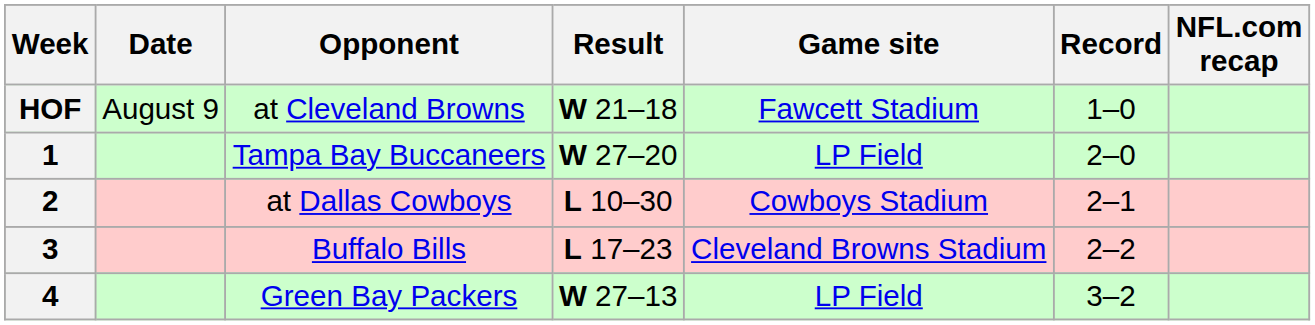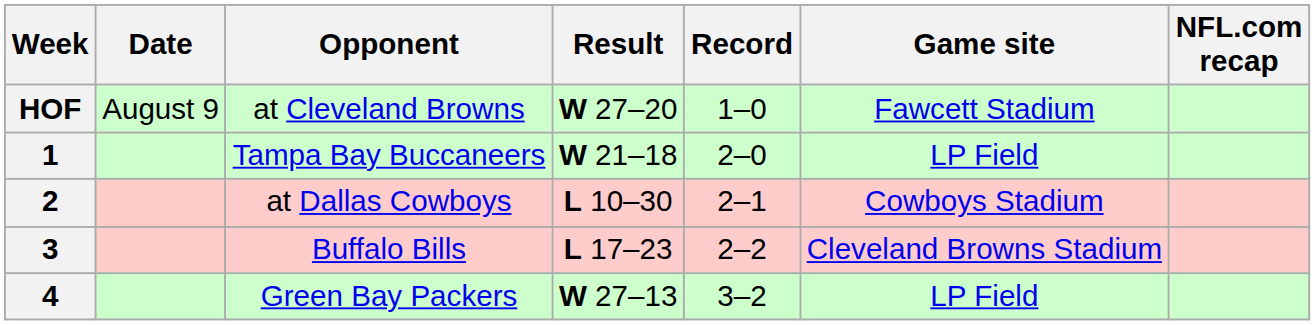 <table class="wikitable" style="text-align:center">
 <tr>
 <th>Week</th>
 <th>Date</th>
 <th>Opponent</th>
 <th>Result</th>
+<th>Record</th>
 <th>Game site</th>
-<th>Record</th>
 <th>NFL.com<br>recap</th>
 </tr>
 <tr style="background:#cfc;">
 <th>HOF</th>
 <td>August 9</td>
 <td>at <a href='#'>Cleveland Browns</a></td>
-<td><strong>W</strong> 21–18</td>
+<td><strong>W</strong> 27–20</td>
+<td>1–0</td>
 <td><a href='#'>Fawcett Stadium</a></td>
-<td>1–0</td>
 <td></td>
 </tr>
 <tr style="background:#cfc;">
 <th>1</th>
 <td></td>
 <td><a href='#'>Tampa Bay Buccaneers</a></td>
-<td><strong>W</strong> 27–20</td>
+<td><strong>W</strong> 21–18</td>
+<td>2–0</td>
 <td><a href='#'>LP Field</a></td>
-<td>2–0</td>
 <td></td>
 </tr>
 <tr style="background:#fcc;">
 <th>2</th>
 <td></td>
 <td>at <a href='#'>Dallas Cowboys</a></td>
 <td><strong>L</strong> 10–30</td>
+<td>2–1</td>
 <td><a href='#'>Cowboys Stadium</a></td>
-<td>2–1</td>
 <td></td>
 </tr>
 <tr style="background:#fcc;">
 <th>3</th>
 <td></td>
 <td><a href='#'>Buffalo Bills</a></td>
 <td><strong>L</strong> 17–23</td>
+<td>2–2</td>
 <td><a href='#'>Cleveland Browns Stadium</a></td>
-<td>2–2</td>
 <td></td>
 </tr>
 <tr style="background:#cfc;">
 <th>4</th>
 <td></td>
 <td><a href='#'>Green Bay Packers</a></td>
 <td><strong>W</strong> 27–13</td>
+<td>3–2</td>
 <td><a href='#'>LP Field</a></td>
-<td>3–2</td>
 <td></td>
 </tr>
 </table>
